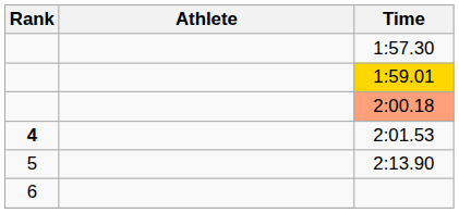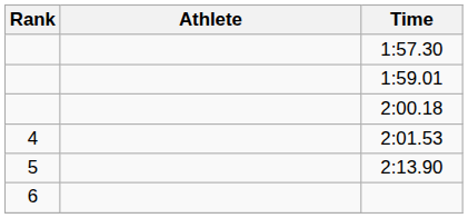 <table class=wikitable style="text-align:center">
 <tr>
 <th width=40>Rank</th>
 <th width=250>Athlete</th>
 <th width=80>Time</th>
 </tr>
 <tr>
 <td></td>
 <td align=left></td>
 <td>1:57.30</td>
 </tr>
 <tr>
 <td></td>
 <td align=left></td>
-<td style="background: gold;">1:59.01</td>
+<td>1:59.01</td>
 </tr>
 <tr>
 <td></td>
 <td align=left></td>
-<td style="background: lightsalmon;">2:00.18</td>
+<td>2:00.18</td>
 </tr>
 <tr>
-<td><strong>4</strong></td>
+<td>4</td>
 <td align=left></td>
 <td>2:01.53</td>
 </tr>
 <tr>
 <td>5</td>
 <td align=left></td>
 <td>2:13.90</td>
 </tr>
 <tr>
 <td>6</td>
 <td align=left></td>
 </tr>
 <tr>
 </tr>
 </table>
